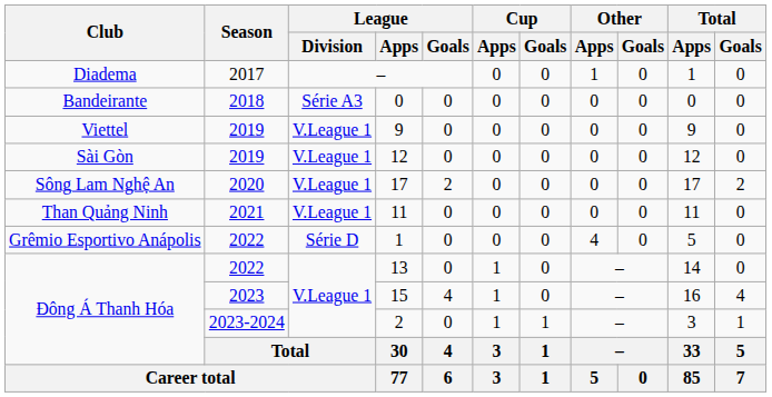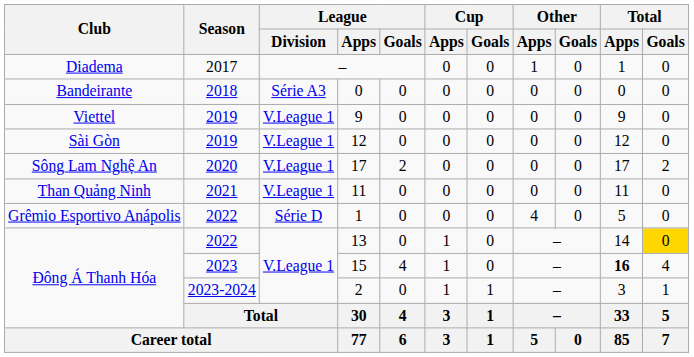 <table class="wikitable sortable" style="text-align: center">
 <tr>
 <th rowspan="2">Club</th>
 <th rowspan="2">Season</th>
 <th colspan="3">League</th>
 <th colspan="2">Cup</th>
 <th colspan="2">Other</th>
 <th colspan="2">Total</th>
 </tr>
 <tr>
 <th>Division</th>
 <th>Apps</th>
 <th>Goals</th>
 <th>Apps</th>
 <th>Goals</th>
 <th>Apps</th>
 <th>Goals</th>
 <th>Apps</th>
 <th>Goals</th>
 </tr>
 <tr>
 <td><a href='#'>Diadema</a></td>
 <td>2017</td>
 <td colspan="3">–</td>
 <td>0</td>
 <td>0</td>
 <td>1</td>
 <td>0</td>
 <td>1</td>
 <td>0</td>
 </tr>
 <tr>
 <td><a href='#'>Bandeirante</a></td>
 <td><a href='#'>2018</a></td>
 <td><a href='#'>Série A3</a></td>
 <td>0</td>
 <td>0</td>
 <td>0</td>
 <td>0</td>
 <td>0</td>
 <td>0</td>
 <td>0</td>
 <td>0</td>
 </tr>
 <tr>
 <td><a href='#'>Viettel</a></td>
 <td><a href='#'>2019</a></td>
 <td><a href='#'>V.League 1</a></td>
 <td>9</td>
 <td>0</td>
 <td>0</td>
 <td>0</td>
 <td>0</td>
 <td>0</td>
 <td>9</td>
 <td>0</td>
 </tr>
 <tr>
 <td><a href='#'>Sài Gòn</a></td>
 <td><a href='#'>2019</a></td>
 <td><a href='#'>V.League 1</a></td>
 <td>12</td>
 <td>0</td>
 <td>0</td>
 <td>0</td>
 <td>0</td>
 <td>0</td>
 <td>12</td>
 <td>0</td>
 </tr>
 <tr>
 <td><a href='#'>Sông Lam Nghệ An</a></td>
 <td><a href='#'>2020</a></td>
 <td><a href='#'>V.League 1</a></td>
 <td>17</td>
 <td>2</td>
 <td>0</td>
 <td>0</td>
 <td>0</td>
 <td>0</td>
 <td>17</td>
 <td>2</td>
 </tr>
 <tr>
 <td><a href='#'>Than Quảng Ninh</a></td>
 <td><a href='#'>2021</a></td>
 <td><a href='#'>V.League 1</a></td>
 <td>11</td>
 <td>0</td>
 <td>0</td>
 <td>0</td>
 <td>0</td>
 <td>0</td>
 <td>11</td>
 <td>0</td>
 </tr>
 <tr>
 <td><a href='#'>Grêmio Esportivo Anápolis</a></td>
 <td><a href='#'>2022</a></td>
 <td><a href='#'>Série D</a></td>
 <td>1</td>
 <td>0</td>
 <td>0</td>
 <td>0</td>
 <td>4</td>
 <td>0</td>
 <td>5</td>
 <td>0</td>
 </tr>
 <tr>
 <td rowspan="4" valign="center"><a href='#'>Đông Á Thanh Hóa</a></td>
 <td><a href='#'>2022</a></td>
 <td rowspan="3" valign="center"><a href='#'>V.League 1</a></td>
 <td>13</td>
 <td>0</td>
 <td>1</td>
 <td>0</td>
 <td colspan="2">–</td>
 <td>14</td>
-<td>0</td>
+<td style="background: gold;">0</td>
 </tr>
 <tr>
 <td><a href='#'>2023</a></td>
 <td>15</td>
 <td>4</td>
 <td>1</td>
 <td>0</td>
 <td colspan="2">–</td>
-<td>16</td>
+<td><strong>16</strong></td>
 <td>4</td>
 </tr>
 <tr>
 <td><a href='#'>2023-2024</a></td>
 <td>2</td>
 <td>0</td>
 <td>1</td>
 <td>1</td>
 <td colspan="2">–</td>
 <td>3</td>
 <td>1</td>
 </tr>
 <tr>
 <th colspan="2">Total</th>
 <th>30</th>
 <th>4</th>
 <th>3</th>
 <th>1</th>
 <th colspan="2">–</th>
 <th>33</th>
 <th>5</th>
 </tr>
 <tr>
 <th colspan="3"><strong>Career total</strong></th>
 <th>77</th>
 <th>6</th>
 <th>3</th>
 <th>1</th>
 <th>5</th>
 <th>0</th>
 <th>85</th>
 <th>7</th>
 </tr>
 </table>
